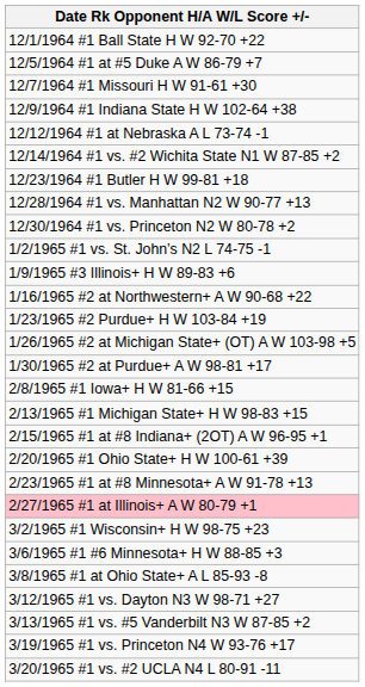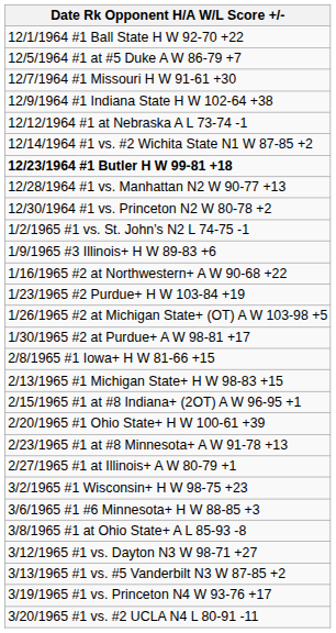 <table class="wikitable">
 <tr>
 <th>Date Rk Opponent H/A W/L Score +/-</th>
 </tr>
 <tr>
 <td>12/1/1964 #1 Ball State H W 92-70 +22</td>
 </tr>
 <tr>
 <td>12/5/1964 #1 at #5 Duke A W 86-79 +7</td>
 </tr>
 <tr>
 <td>12/7/1964 #1 Missouri H W 91-61 +30</td>
 </tr>
 <tr>
 <td>12/9/1964 #1 Indiana State H W 102-64 +38</td>
 </tr>
 <tr>
 <td>12/12/1964 #1 at Nebraska A L 73-74 -1</td>
 </tr>
 <tr>
 <td>12/14/1964 #1 vs. #2 Wichita State N1 W 87-85 +2</td>
 </tr>
 <tr>
-<td>12/23/1964 #1 Butler H W 99-81 +18</td>
+<td><strong>12/23/1964 #1 Butler H W 99-81 +18</strong></td>
 </tr>
 <tr>
 <td>12/28/1964 #1 vs. Manhattan N2 W 90-77 +13</td>
 </tr>
 <tr>
 <td>12/30/1964 #1 vs. Princeton N2 W 80-78 +2</td>
 </tr>
 <tr>
 <td>1/2/1965 #1 vs. St. John’s N2 L 74-75 -1</td>
 </tr>
 <tr>
 <td>1/9/1965 #3 Illinois+ H W 89-83 +6</td>
 </tr>
 <tr>
 <td>1/16/1965 #2 at Northwestern+ A W 90-68 +22</td>
 </tr>
 <tr>
 <td>1/23/1965 #2 Purdue+ H W 103-84 +19</td>
 </tr>
 <tr>
 <td>1/26/1965 #2 at Michigan State+ (OT) A W 103-98 +5</td>
 </tr>
 <tr>
 <td>1/30/1965 #2 at Purdue+ A W 98-81 +17</td>
 </tr>
 <tr>
 <td>2/8/1965 #1 Iowa+ H W 81-66 +15</td>
 </tr>
 <tr>
 <td>2/13/1965 #1 Michigan State+ H W 98-83 +15</td>
 </tr>
 <tr>
 <td>2/15/1965 #1 at #8 Indiana+ (2OT) A W 96-95 +1</td>
 </tr>
 <tr>
 <td>2/20/1965 #1 Ohio State+ H W 100-61 +39</td>
 </tr>
 <tr>
 <td>2/23/1965 #1 at #8 Minnesota+ A W 91-78 +13</td>
 </tr>
 <tr>
-<td style="background: pink;">2/27/1965 #1 at Illinois+ A W 80-79 +1</td>
+<td>2/27/1965 #1 at Illinois+ A W 80-79 +1</td>
 </tr>
 <tr>
 <td>3/2/1965 #1 Wisconsin+ H W 98-75 +23</td>
 </tr>
 <tr>
 <td>3/6/1965 #1 #6 Minnesota+ H W 88-85 +3</td>
 </tr>
 <tr>
 <td>3/8/1965 #1 at Ohio State+ A L 85-93 -8</td>
 </tr>
 <tr>
 <td>3/12/1965 #1 vs. Dayton N3 W 98-71 +27</td>
 </tr>
 <tr>
 <td>3/13/1965 #1 vs. #5 Vanderbilt N3 W 87-85 +2</td>
 </tr>
 <tr>
 <td>3/19/1965 #1 vs. Princeton N4 W 93-76 +17</td>
 </tr>
 <tr>
 <td>3/20/1965 #1 vs. #2 UCLA N4 L 80-91 -11</td>
 </tr>
 </table>
